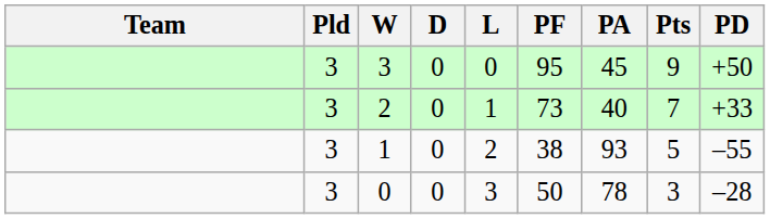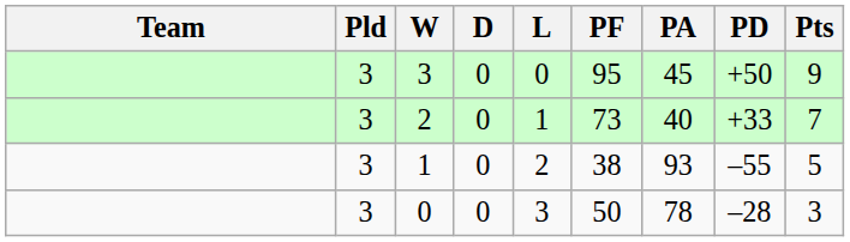 <table class="wikitable" style="text-align:center;">
 <tr>
 <th width=175>Team</th>
 <th style="width:25px;" abbr="Played">Pld</th>
 <th style="width:25px;" abbr="Won">W</th>
 <th style="width:25px;" abbr="Drawn">D</th>
 <th style="width:25px;" abbr="Lost">L</th>
 <th style="width:32px;" abbr="Points for">PF</th>
 <th style="width:32px;" abbr="Points against">PA</th>
+<th style="width:32px;" abbr="Points difference">PD</th>
 <th style="width:25px;" abbr="Points">Pts</th>
-<th style="width:32px;" abbr="Points difference">PD</th>
 </tr>
 <tr style="background:#cfc;">
 <td align=left></td>
 <td>3</td>
 <td>3</td>
 <td>0</td>
 <td>0</td>
 <td>95</td>
 <td>45</td>
+<td>+50</td>
 <td>9</td>
-<td>+50</td>
 </tr>
 <tr style="background:#cfc;">
 <td align=left></td>
 <td>3</td>
 <td>2</td>
 <td>0</td>
 <td>1</td>
 <td>73</td>
 <td>40</td>
+<td>+33</td>
 <td>7</td>
-<td>+33</td>
 </tr>
 <tr>
 <td align=left></td>
 <td>3</td>
 <td>1</td>
 <td>0</td>
 <td>2</td>
 <td>38</td>
 <td>93</td>
+<td>–55</td>
 <td>5</td>
-<td>–55</td>
 </tr>
 <tr>
 <td align=left></td>
 <td>3</td>
 <td>0</td>
 <td>0</td>
 <td>3</td>
 <td>50</td>
 <td>78</td>
+<td>–28</td>
 <td>3</td>
-<td>–28</td>
 </tr>
 </table>
